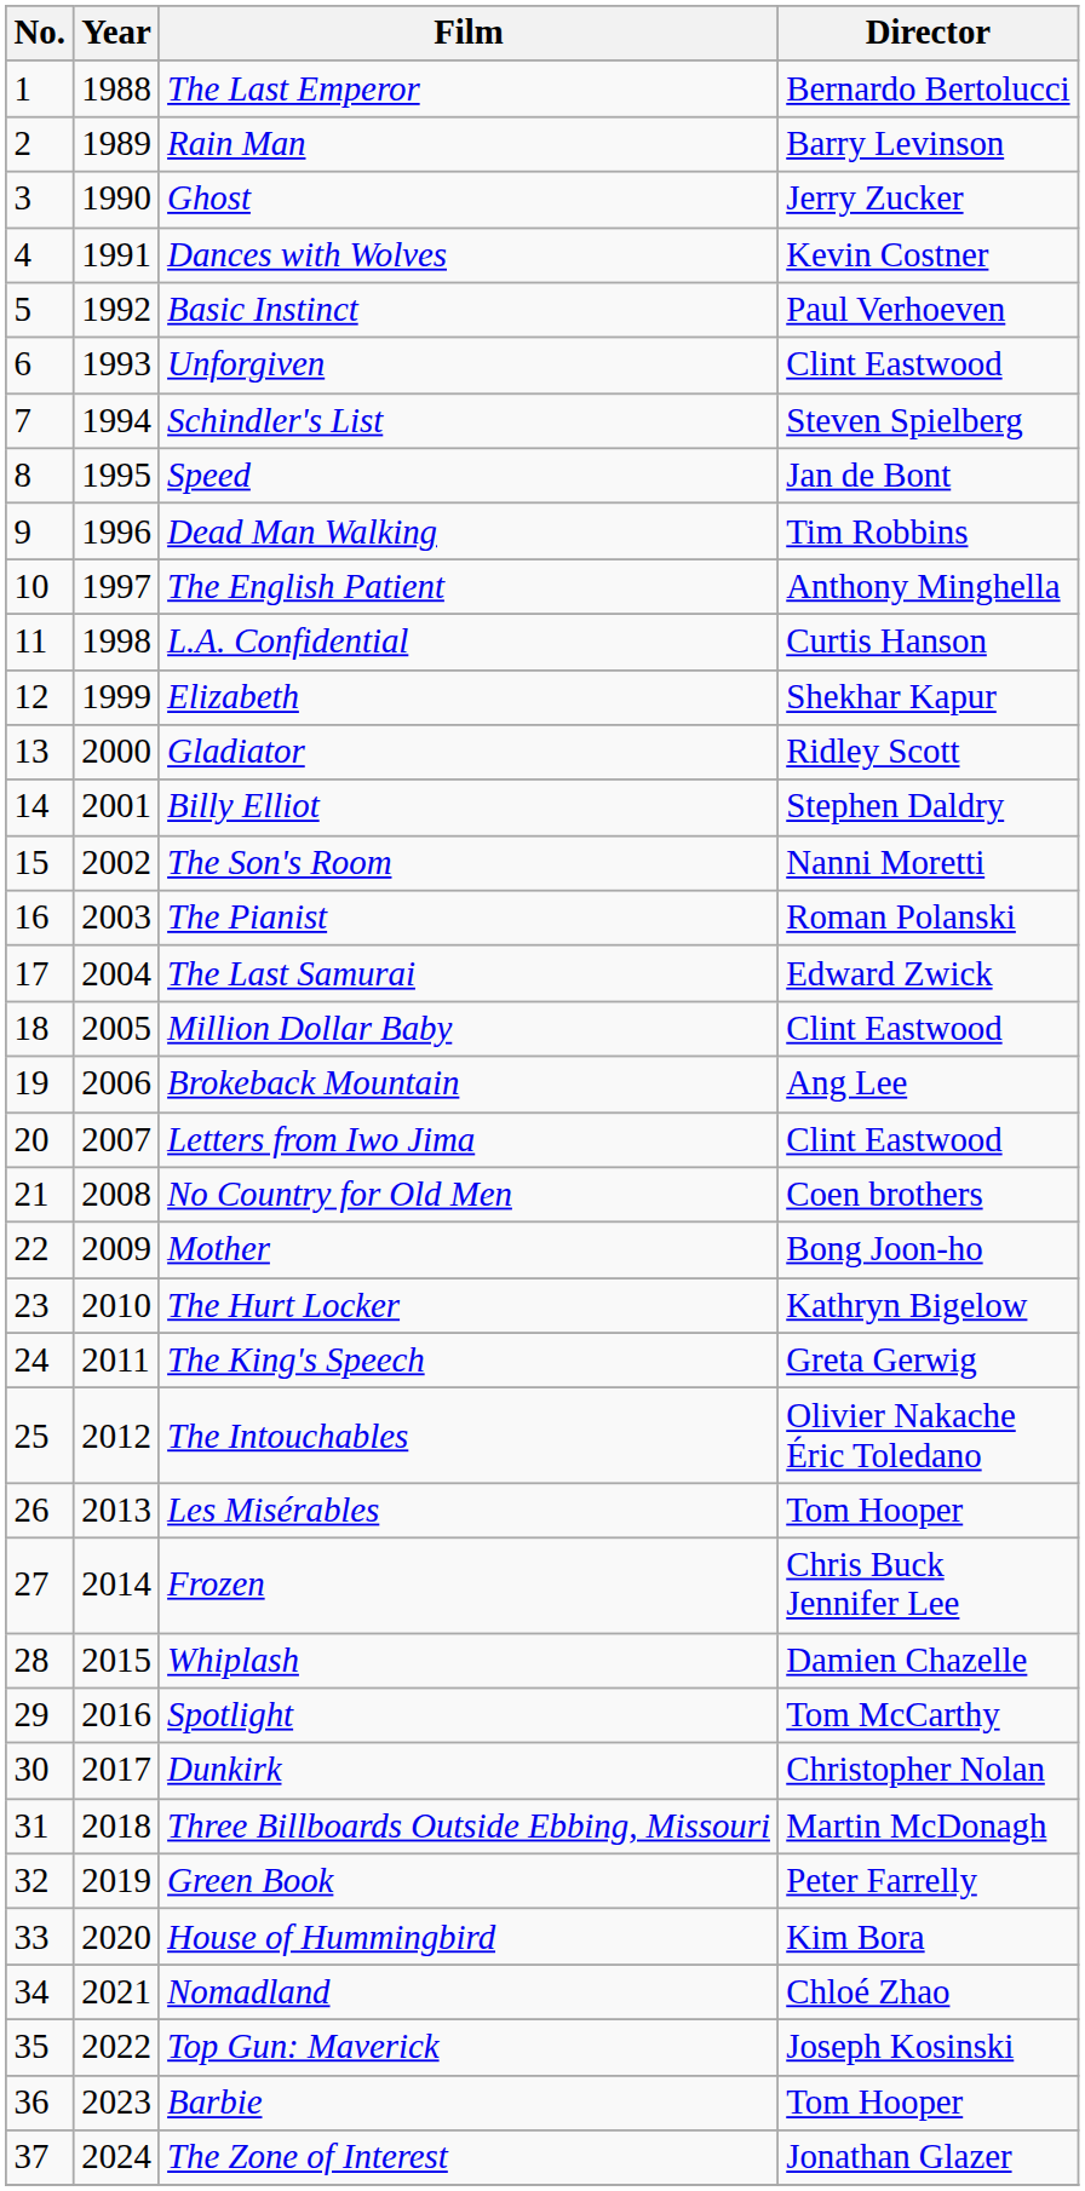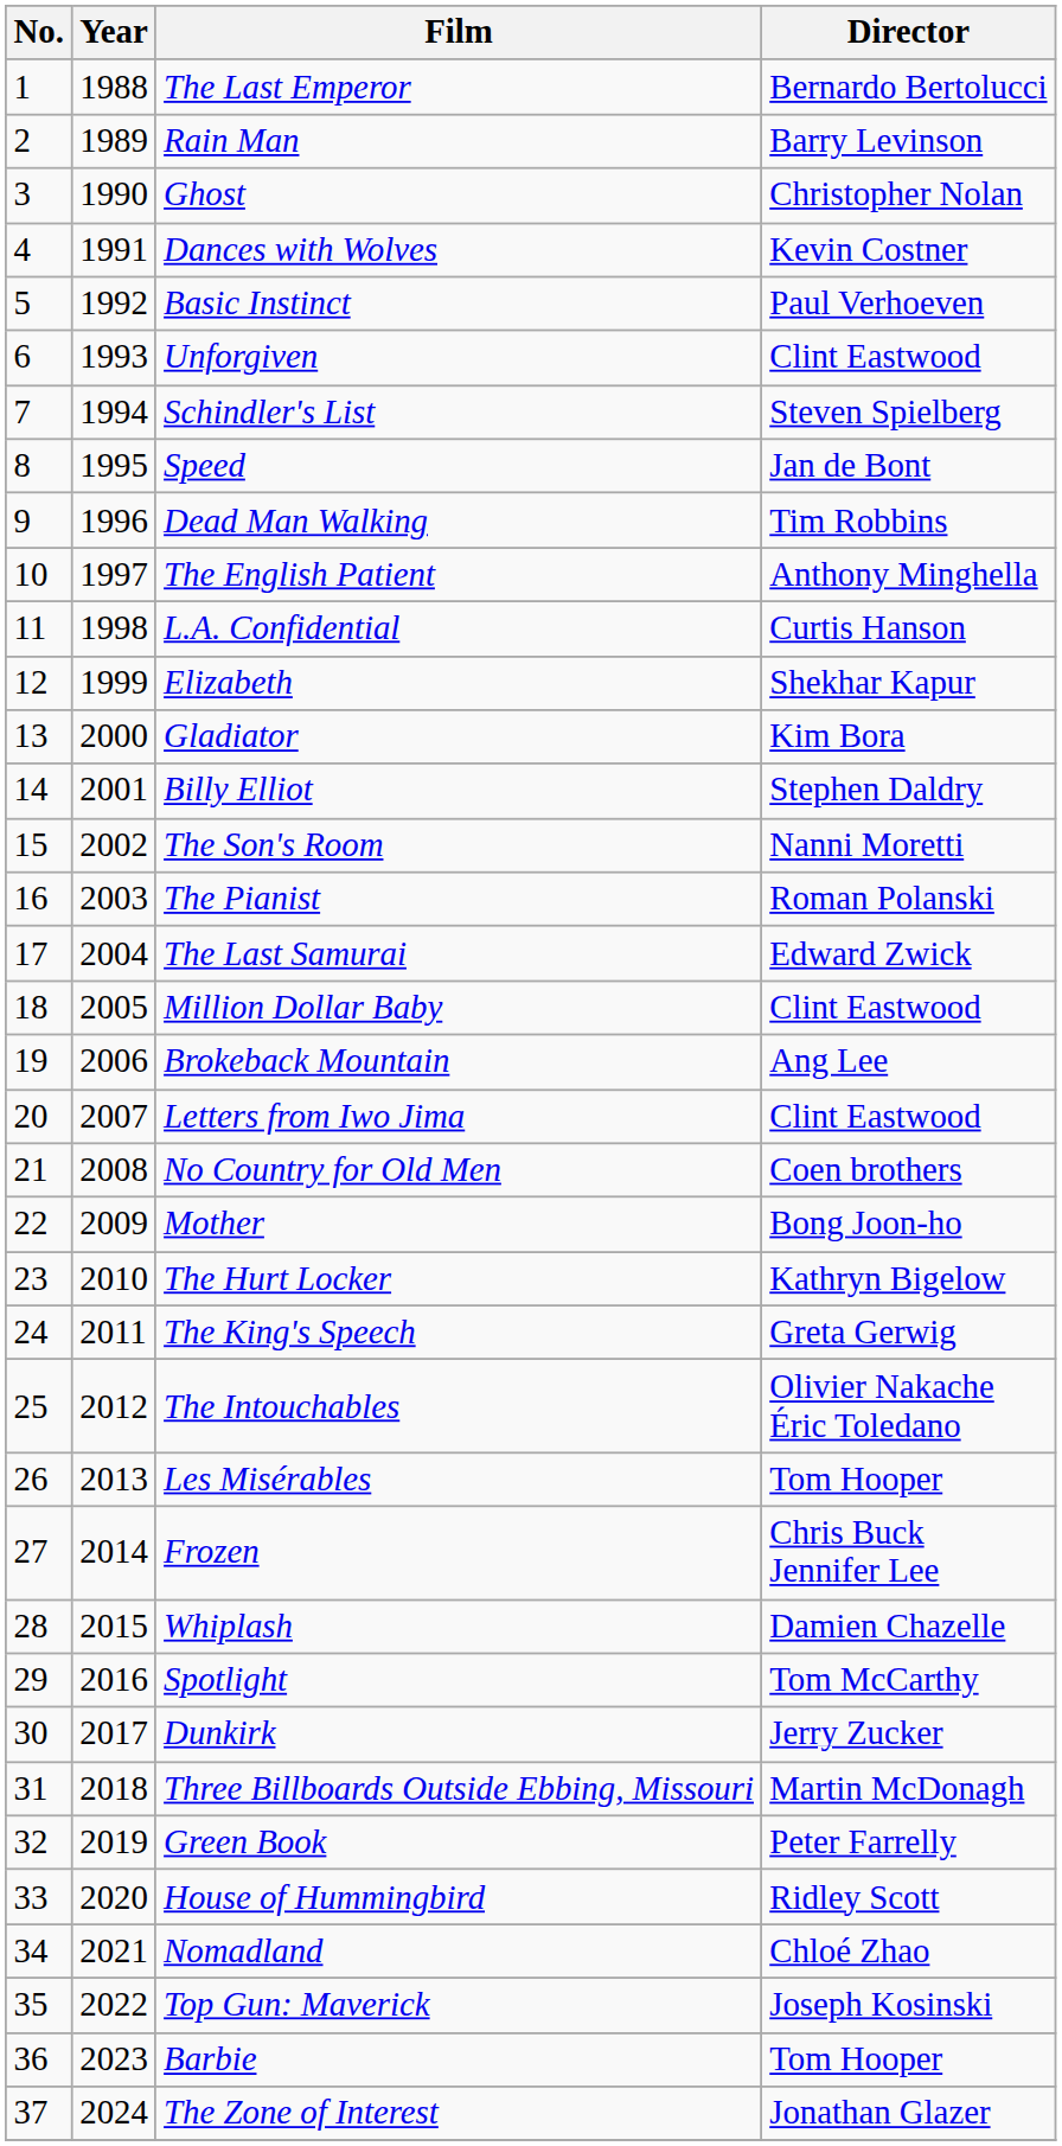 <table class="wikitable">
 <tr>
 <th>No.</th>
 <th>Year</th>
 <th>Film</th>
 <th>Director</th>
 </tr>
 <tr>
 <td>1</td>
 <td>1988</td>
 <td><em><a href='#'>The Last Emperor</a></em></td>
 <td><a href='#'>Bernardo Bertolucci</a></td>
 </tr>
 <tr>
 <td>2</td>
 <td>1989</td>
 <td><em><a href='#'>Rain Man</a></em></td>
 <td><a href='#'>Barry Levinson</a></td>
 </tr>
 <tr>
 <td>3</td>
 <td>1990</td>
 <td><em><a href='#'>Ghost</a></em></td>
-<td><a href='#'>Jerry Zucker</a></td>
+<td><a href='#'>Christopher Nolan</a></td>
 </tr>
 <tr>
 <td>4</td>
 <td>1991</td>
 <td><em><a href='#'>Dances with Wolves</a></em></td>
 <td><a href='#'>Kevin Costner</a></td>
 </tr>
 <tr>
 <td>5</td>
 <td>1992</td>
 <td><em><a href='#'>Basic Instinct</a></em></td>
 <td><a href='#'>Paul Verhoeven</a></td>
 </tr>
 <tr>
 <td>6</td>
 <td>1993</td>
 <td><em><a href='#'>Unforgiven</a></em></td>
 <td><a href='#'>Clint Eastwood</a></td>
 </tr>
 <tr>
 <td>7</td>
 <td>1994</td>
 <td><em><a href='#'>Schindler's List</a></em></td>
 <td><a href='#'>Steven Spielberg</a></td>
 </tr>
 <tr>
 <td>8</td>
 <td>1995</td>
 <td><em><a href='#'>Speed</a></em></td>
 <td><a href='#'>Jan de Bont</a></td>
 </tr>
 <tr>
 <td>9</td>
 <td>1996</td>
 <td><em><a href='#'>Dead Man Walking</a></em></td>
 <td><a href='#'>Tim Robbins</a></td>
 </tr>
 <tr>
 <td>10</td>
 <td>1997</td>
 <td><em><a href='#'>The English Patient</a></em></td>
 <td><a href='#'>Anthony Minghella</a></td>
 </tr>
 <tr>
 <td>11</td>
 <td>1998</td>
 <td><em><a href='#'>L.A. Confidential</a></em></td>
 <td><a href='#'>Curtis Hanson</a></td>
 </tr>
 <tr>
 <td>12</td>
 <td>1999</td>
 <td><em><a href='#'>Elizabeth</a></em></td>
 <td><a href='#'>Shekhar Kapur</a></td>
 </tr>
 <tr>
 <td>13</td>
 <td>2000</td>
 <td><em><a href='#'>Gladiator</a></em></td>
-<td><a href='#'>Ridley Scott</a></td>
+<td><a href='#'>Kim Bora</a></td>
 </tr>
 <tr>
 <td>14</td>
 <td>2001</td>
 <td><em><a href='#'>Billy Elliot</a></em></td>
 <td><a href='#'>Stephen Daldry</a></td>
 </tr>
 <tr>
 <td>15</td>
 <td>2002</td>
 <td><em><a href='#'>The Son's Room</a></em></td>
 <td><a href='#'>Nanni Moretti</a></td>
 </tr>
 <tr>
 <td>16</td>
 <td>2003</td>
 <td><em><a href='#'>The Pianist</a></em></td>
 <td><a href='#'>Roman Polanski</a></td>
 </tr>
 <tr>
 <td>17</td>
 <td>2004</td>
 <td><em><a href='#'>The Last Samurai</a></em></td>
 <td><a href='#'>Edward Zwick</a></td>
 </tr>
 <tr>
 <td>18</td>
 <td>2005</td>
 <td><em><a href='#'>Million Dollar Baby</a></em></td>
 <td><a href='#'>Clint Eastwood</a></td>
 </tr>
 <tr>
 <td>19</td>
 <td>2006</td>
 <td><em><a href='#'>Brokeback Mountain</a></em></td>
 <td><a href='#'>Ang Lee</a></td>
 </tr>
 <tr>
 <td>20</td>
 <td>2007</td>
 <td><em><a href='#'>Letters from Iwo Jima</a></em></td>
 <td><a href='#'>Clint Eastwood</a></td>
 </tr>
 <tr>
 <td>21</td>
 <td>2008</td>
 <td><em><a href='#'>No Country for Old Men</a></em></td>
 <td><a href='#'>Coen brothers</a></td>
 </tr>
 <tr>
 <td>22</td>
 <td>2009</td>
 <td><em><a href='#'>Mother</a></em></td>
 <td><a href='#'>Bong Joon-ho</a></td>
 </tr>
 <tr>
 <td>23</td>
 <td>2010</td>
 <td><em><a href='#'>The Hurt Locker</a></em></td>
 <td><a href='#'>Kathryn Bigelow</a></td>
 </tr>
 <tr>
 <td>24</td>
 <td>2011</td>
 <td><em><a href='#'>The King's Speech</a></em></td>
 <td><a href='#'>Greta Gerwig</a></td>
 </tr>
 <tr>
 <td>25</td>
 <td>2012</td>
 <td><em><a href='#'>The Intouchables</a></em></td>
 <td><a href='#'>Olivier Nakache</a><br><a href='#'>Éric Toledano</a></td>
 </tr>
 <tr>
 <td>26</td>
 <td>2013</td>
 <td><em><a href='#'>Les Misérables</a></em></td>
 <td><a href='#'>Tom Hooper</a></td>
 </tr>
 <tr>
 <td>27</td>
 <td>2014</td>
 <td><em><a href='#'>Frozen</a></em></td>
 <td><a href='#'>Chris Buck</a><br><a href='#'>Jennifer Lee</a></td>
 </tr>
 <tr>
 <td>28</td>
 <td>2015</td>
 <td><em><a href='#'>Whiplash</a></em></td>
 <td><a href='#'>Damien Chazelle</a></td>
 </tr>
 <tr>
 <td>29</td>
 <td>2016</td>
 <td><em><a href='#'>Spotlight</a></em></td>
 <td><a href='#'>Tom McCarthy</a></td>
 </tr>
 <tr>
 <td>30</td>
 <td>2017</td>
 <td><em><a href='#'>Dunkirk</a></em></td>
-<td><a href='#'>Christopher Nolan</a></td>
+<td><a href='#'>Jerry Zucker</a></td>
 </tr>
 <tr>
 <td>31</td>
 <td>2018</td>
 <td><em><a href='#'>Three Billboards Outside Ebbing, Missouri</a></em></td>
 <td><a href='#'>Martin McDonagh</a></td>
 </tr>
 <tr>
 <td>32</td>
 <td>2019</td>
 <td><em><a href='#'>Green Book</a></em></td>
 <td><a href='#'>Peter Farrelly</a></td>
 </tr>
 <tr>
 <td>33</td>
 <td>2020</td>
 <td><em><a href='#'>House of Hummingbird</a></em></td>
-<td><a href='#'>Kim Bora</a></td>
+<td><a href='#'>Ridley Scott</a></td>
 </tr>
 <tr>
 <td>34</td>
 <td>2021</td>
 <td><em><a href='#'>Nomadland</a></em></td>
 <td><a href='#'>Chloé Zhao</a></td>
 </tr>
 <tr>
 <td>35</td>
 <td>2022</td>
 <td><em><a href='#'>Top Gun: Maverick</a></em></td>
 <td><a href='#'>Joseph Kosinski</a></td>
 </tr>
 <tr>
 <td>36</td>
 <td>2023</td>
 <td><em><a href='#'>Barbie</a></em></td>
 <td><a href='#'>Tom Hooper</a></td>
 </tr>
 <tr>
 <td>37</td>
 <td>2024</td>
 <td><em><a href='#'>The Zone of Interest</a></em></td>
 <td><a href='#'>Jonathan Glazer</a></td>
 </tr>
 <tr>
 </tr>
 </table>
